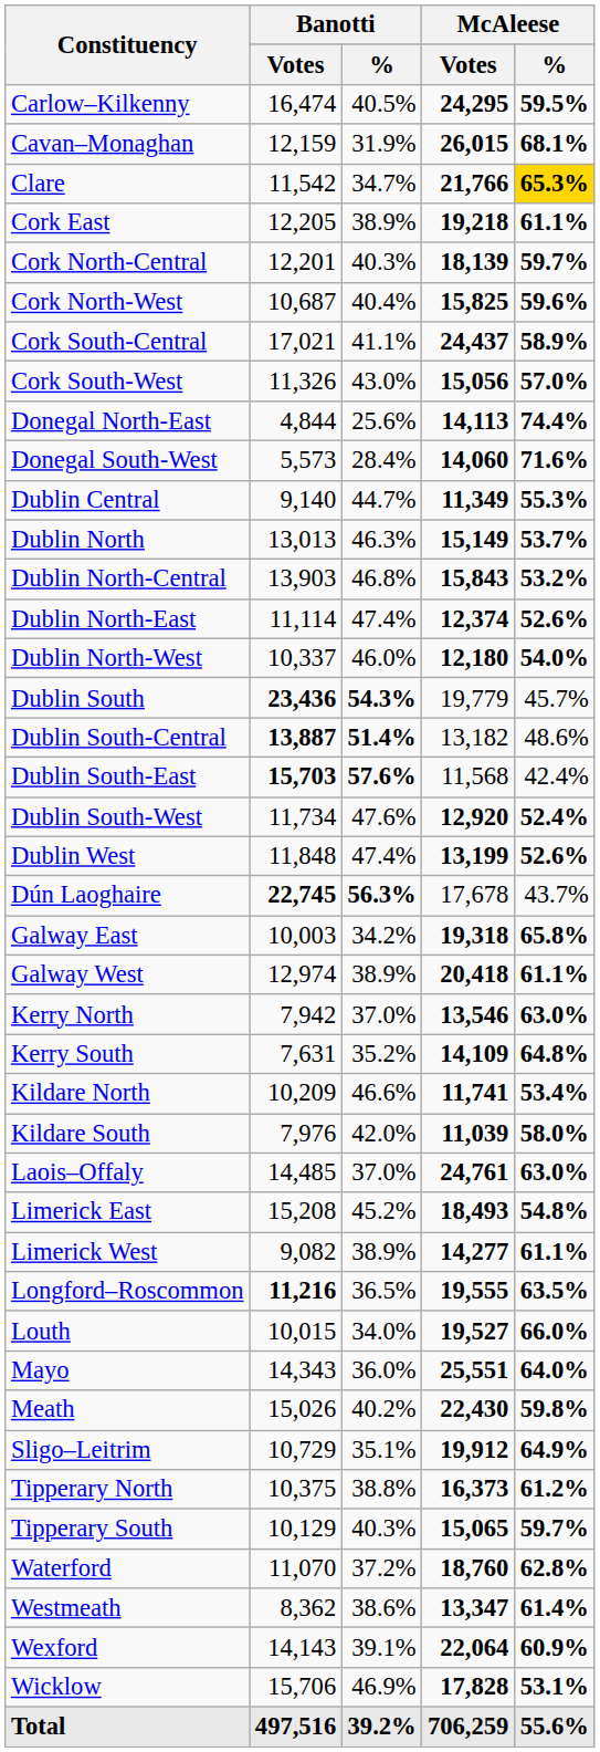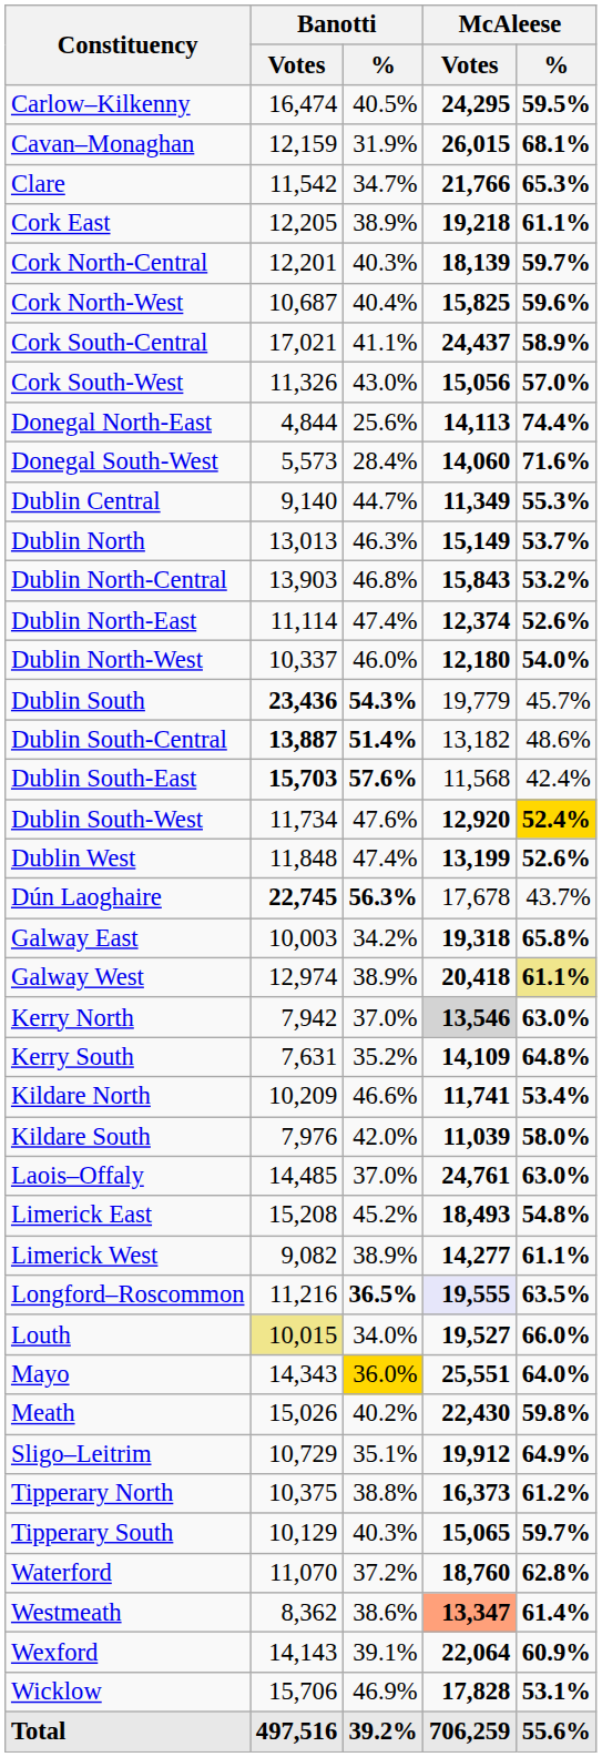 <table class="wikitable sortable">
 <tr>
 <th rowspan=2>Constituency</th>
 <th colspan=2>Banotti</th>
 <th colspan=2>McAleese</th>
 </tr>
 <tr>
 <th>Votes</th>
 <th>%</th>
 <th>Votes</th>
 <th>%</th>
 </tr>
 <tr>
 <td><a href='#'>Carlow–Kilkenny</a></td>
 <td style="text-align: right;">16,474</td>
 <td style="text-align: right;">40.5%</td>
 <td style="text-align: right;"><strong>24,295</strong></td>
 <td style="text-align: right;"><strong>59.5%</strong></td>
 </tr>
 <tr>
 <td><a href='#'>Cavan–Monaghan</a></td>
 <td style="text-align: right;">12,159</td>
 <td style="text-align: right;">31.9%</td>
 <td style="text-align: right;"><strong>26,015</strong></td>
 <td style="text-align: right;"><strong>68.1%</strong></td>
 </tr>
 <tr>
 <td><a href='#'>Clare</a></td>
 <td style="text-align: right;">11,542</td>
 <td style="text-align: right;">34.7%</td>
 <td style="text-align: right;"><strong>21,766</strong></td>
-<td style="background: gold; text-align: right;"><strong>65.3%</strong></td>
+<td style="text-align: right;"><strong>65.3%</strong></td>
 </tr>
 <tr>
 <td><a href='#'>Cork East</a></td>
 <td style="text-align: right;">12,205</td>
 <td style="text-align: right;">38.9%</td>
 <td style="text-align: right;"><strong>19,218</strong></td>
 <td style="text-align: right;"><strong>61.1%</strong></td>
 </tr>
 <tr>
 <td><a href='#'>Cork North-Central</a></td>
 <td style="text-align: right;">12,201</td>
 <td style="text-align: right;">40.3%</td>
 <td style="text-align: right;"><strong>18,139</strong></td>
 <td style="text-align: right;"><strong>59.7%</strong></td>
 </tr>
 <tr>
 <td><a href='#'>Cork North-West</a></td>
 <td style="text-align: right;">10,687</td>
 <td style="text-align: right;">40.4%</td>
 <td style="text-align: right;"><strong>15,825</strong></td>
 <td style="text-align: right;"><strong>59.6%</strong></td>
 </tr>
 <tr>
 <td><a href='#'>Cork South-Central</a></td>
 <td style="text-align: right;">17,021</td>
 <td style="text-align: right;">41.1%</td>
 <td style="text-align: right;"><strong>24,437</strong></td>
 <td style="text-align: right;"><strong>58.9%</strong></td>
 </tr>
 <tr>
 <td><a href='#'>Cork South-West</a></td>
 <td style="text-align: right;">11,326</td>
 <td style="text-align: right;">43.0%</td>
 <td style="text-align: right;"><strong>15,056</strong></td>
 <td style="text-align: right;"><strong>57.0%</strong></td>
 </tr>
 <tr>
 <td><a href='#'>Donegal North-East</a></td>
 <td style="text-align: right;">4,844</td>
 <td style="text-align: right;">25.6%</td>
 <td style="text-align: right;"><strong>14,113</strong></td>
 <td style="text-align: right;"><strong>74.4%</strong></td>
 </tr>
 <tr>
 <td><a href='#'>Donegal South-West</a></td>
 <td style="text-align: right;">5,573</td>
 <td style="text-align: right;">28.4%</td>
 <td style="text-align: right;"><strong>14,060</strong></td>
 <td style="text-align: right;"><strong>71.6%</strong></td>
 </tr>
 <tr>
 <td><a href='#'>Dublin Central</a></td>
 <td style="text-align: right;">9,140</td>
 <td style="text-align: right;">44.7%</td>
 <td style="text-align: right;"><strong>11,349</strong></td>
 <td style="text-align: right;"><strong>55.3%</strong></td>
 </tr>
 <tr>
 <td><a href='#'>Dublin North</a></td>
 <td style="text-align: right;">13,013</td>
 <td style="text-align: right;">46.3%</td>
 <td style="text-align: right;"><strong>15,149</strong></td>
 <td style="text-align: right;"><strong>53.7%</strong></td>
 </tr>
 <tr>
 <td><a href='#'>Dublin North-Central</a></td>
 <td style="text-align: right;">13,903</td>
 <td style="text-align: right;">46.8%</td>
 <td style="text-align: right;"><strong>15,843</strong></td>
 <td style="text-align: right;"><strong>53.2%</strong></td>
 </tr>
 <tr>
 <td><a href='#'>Dublin North-East</a></td>
 <td style="text-align: right;">11,114</td>
 <td style="text-align: right;">47.4%</td>
 <td style="text-align: right;"><strong>12,374</strong></td>
 <td style="text-align: right;"><strong>52.6%</strong></td>
 </tr>
 <tr>
 <td><a href='#'>Dublin North-West</a></td>
 <td style="text-align: right;">10,337</td>
 <td style="text-align: right;">46.0%</td>
 <td style="text-align: right;"><strong>12,180</strong></td>
 <td style="text-align: right;"><strong>54.0%</strong></td>
 </tr>
 <tr>
 <td><a href='#'>Dublin South</a></td>
 <td style="text-align: right;"><strong>23,436</strong></td>
 <td style="text-align: right;"><strong>54.3%</strong></td>
 <td style="text-align: right;">19,779</td>
 <td style="text-align: right;">45.7%</td>
 </tr>
 <tr>
 <td><a href='#'>Dublin South-Central</a></td>
 <td style="text-align: right;"><strong>13,887</strong></td>
 <td style="text-align: right;"><strong>51.4%</strong></td>
 <td style="text-align: right;">13,182</td>
 <td style="text-align: right;">48.6%</td>
 </tr>
 <tr>
 <td><a href='#'>Dublin South-East</a></td>
 <td style="text-align: right;"><strong>15,703</strong></td>
 <td style="text-align: right;"><strong>57.6%</strong></td>
 <td style="text-align: right;">11,568</td>
 <td style="text-align: right;">42.4%</td>
 </tr>
 <tr>
 <td><a href='#'>Dublin South-West</a></td>
 <td style="text-align: right;">11,734</td>
 <td style="text-align: right;">47.6%</td>
 <td style="text-align: right;"><strong>12,920</strong></td>
-<td style="text-align: right;"><strong>52.4%</strong></td>
+<td style="background: gold; text-align: right;"><strong>52.4%</strong></td>
 </tr>
 <tr>
 <td><a href='#'>Dublin West</a></td>
 <td style="text-align: right;">11,848</td>
 <td style="text-align: right;">47.4%</td>
 <td style="text-align: right;"><strong>13,199</strong></td>
 <td style="text-align: right;"><strong>52.6%</strong></td>
 </tr>
 <tr>
 <td><a href='#'>Dún Laoghaire</a></td>
 <td style="text-align: right;"><strong>22,745</strong></td>
 <td style="text-align: right;"><strong>56.3%</strong></td>
 <td style="text-align: right;">17,678</td>
 <td style="text-align: right;">43.7%</td>
 </tr>
 <tr>
 <td><a href='#'>Galway East</a></td>
 <td style="text-align: right;">10,003</td>
 <td style="text-align: right;">34.2%</td>
 <td style="text-align: right;"><strong>19,318</strong></td>
 <td style="text-align: right;"><strong>65.8%</strong></td>
 </tr>
 <tr>
 <td><a href='#'>Galway West</a></td>
 <td style="text-align: right;">12,974</td>
 <td style="text-align: right;">38.9%</td>
 <td style="text-align: right;"><strong>20,418</strong></td>
-<td style="text-align: right;"><strong>61.1%</strong></td>
+<td style="background: khaki; text-align: right;"><strong>61.1%</strong></td>
 </tr>
 <tr>
 <td><a href='#'>Kerry North</a></td>
 <td style="text-align: right;">7,942</td>
 <td style="text-align: right;">37.0%</td>
-<td style="text-align: right;"><strong>13,546</strong></td>
+<td style="background: lightgrey; text-align: right;"><strong>13,546</strong></td>
 <td style="text-align: right;"><strong>63.0%</strong></td>
 </tr>
 <tr>
 <td><a href='#'>Kerry South</a></td>
 <td style="text-align: right;">7,631</td>
 <td style="text-align: right;">35.2%</td>
 <td style="text-align: right;"><strong>14,109</strong></td>
 <td style="text-align: right;"><strong>64.8%</strong></td>
 </tr>
 <tr>
 <td><a href='#'>Kildare North</a></td>
 <td style="text-align: right;">10,209</td>
 <td style="text-align: right;">46.6%</td>
 <td style="text-align: right;"><strong>11,741</strong></td>
 <td style="text-align: right;"><strong>53.4%</strong></td>
 </tr>
 <tr>
 <td><a href='#'>Kildare South</a></td>
 <td style="text-align: right;">7,976</td>
 <td style="text-align: right;">42.0%</td>
 <td style="text-align: right;"><strong>11,039</strong></td>
 <td style="text-align: right;"><strong>58.0%</strong></td>
 </tr>
 <tr>
 <td><a href='#'>Laois–Offaly</a></td>
 <td style="text-align: right;">14,485</td>
 <td style="text-align: right;">37.0%</td>
 <td style="text-align: right;"><strong>24,761</strong></td>
 <td style="text-align: right;"><strong>63.0%</strong></td>
 </tr>
 <tr>
 <td><a href='#'>Limerick East</a></td>
 <td style="text-align: right;">15,208</td>
 <td style="text-align: right;">45.2%</td>
 <td style="text-align: right;"><strong>18,493</strong></td>
 <td style="text-align: right;"><strong>54.8%</strong></td>
 </tr>
 <tr>
 <td><a href='#'>Limerick West</a></td>
 <td style="text-align: right;">9,082</td>
 <td style="text-align: right;">38.9%</td>
 <td style="text-align: right;"><strong>14,277</strong></td>
 <td style="text-align: right;"><strong>61.1%</strong></td>
 </tr>
 <tr>
 <td><a href='#'>Longford–Roscommon</a></td>
-<td style="text-align: right;"><strong>11,216</strong></td>
-<td style="text-align: right;">36.5%</td>
-<td style="text-align: right;"><strong>19,555</strong></td>
+<td style="text-align: right;">11,216</td>
+<td style="text-align: right;"><strong>36.5%</strong></td>
+<td style="background: lavender; text-align: right;"><strong>19,555</strong></td>
 <td style="text-align: right;"><strong>63.5%</strong></td>
 </tr>
 <tr>
 <td><a href='#'>Louth</a></td>
-<td style="text-align: right;">10,015</td>
+<td style="background: khaki; text-align: right;">10,015</td>
 <td style="text-align: right;">34.0%</td>
 <td style="text-align: right;"><strong>19,527</strong></td>
 <td style="text-align: right;"><strong>66.0%</strong></td>
 </tr>
 <tr>
 <td><a href='#'>Mayo</a></td>
 <td style="text-align: right;">14,343</td>
-<td style="text-align: right;">36.0%</td>
+<td style="background: gold; text-align: right;">36.0%</td>
 <td style="text-align: right;"><strong>25,551</strong></td>
 <td style="text-align: right;"><strong>64.0%</strong></td>
 </tr>
 <tr>
 <td><a href='#'>Meath</a></td>
 <td style="text-align: right;">15,026</td>
 <td style="text-align: right;">40.2%</td>
 <td style="text-align: right;"><strong>22,430</strong></td>
 <td style="text-align: right;"><strong>59.8%</strong></td>
 </tr>
 <tr>
 <td><a href='#'>Sligo–Leitrim</a></td>
 <td style="text-align: right;">10,729</td>
 <td style="text-align: right;">35.1%</td>
 <td style="text-align: right;"><strong>19,912</strong></td>
 <td style="text-align: right;"><strong>64.9%</strong></td>
 </tr>
 <tr>
 <td><a href='#'>Tipperary North</a></td>
 <td style="text-align: right;">10,375</td>
 <td style="text-align: right;">38.8%</td>
 <td style="text-align: right;"><strong>16,373</strong></td>
 <td style="text-align: right;"><strong>61.2%</strong></td>
 </tr>
 <tr>
 <td><a href='#'>Tipperary South</a></td>
 <td style="text-align: right;">10,129</td>
 <td style="text-align: right;">40.3%</td>
 <td style="text-align: right;"><strong>15,065</strong></td>
 <td style="text-align: right;"><strong>59.7%</strong></td>
 </tr>
 <tr>
 <td><a href='#'>Waterford</a></td>
 <td style="text-align: right;">11,070</td>
 <td style="text-align: right;">37.2%</td>
 <td style="text-align: right;"><strong>18,760</strong></td>
 <td style="text-align: right;"><strong>62.8%</strong></td>
 </tr>
 <tr>
 <td><a href='#'>Westmeath</a></td>
 <td style="text-align: right;">8,362</td>
 <td style="text-align: right;">38.6%</td>
-<td style="text-align: right;"><strong>13,347</strong></td>
+<td style="background: lightsalmon; text-align: right;"><strong>13,347</strong></td>
 <td style="text-align: right;"><strong>61.4%</strong></td>
 </tr>
 <tr>
 <td><a href='#'>Wexford</a></td>
 <td style="text-align: right;">14,143</td>
 <td style="text-align: right;">39.1%</td>
 <td style="text-align: right;"><strong>22,064</strong></td>
 <td style="text-align: right;"><strong>60.9%</strong></td>
 </tr>
 <tr>
 <td><a href='#'>Wicklow</a></td>
 <td style="text-align: right;">15,706</td>
 <td style="text-align: right;">46.9%</td>
 <td style="text-align: right;"><strong>17,828</strong></td>
 <td style="text-align: right;"><strong>53.1%</strong></td>
 </tr>
 <tr class="sortbottom" style="font-weight:bold; background:rgb(232,232,232);">
 <td>Total</td>
 <td style="text-align: right;">497,516</td>
 <td style="text-align: right;">39.2%</td>
 <td style="text-align: right;">706,259</td>
 <td style="text-align: right;">55.6%</td>
 </tr>
 </table>
